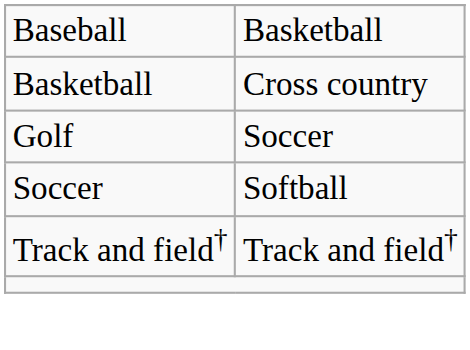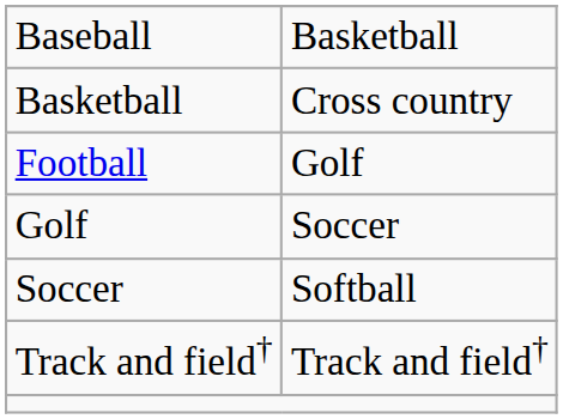 <table class="wikitable">
 <tr>
 </tr>
 <tr>
 <td>Baseball</td>
 <td>Basketball</td>
 </tr>
 <tr>
 <td>Basketball</td>
 <td>Cross country</td>
+</tr>
+<tr>
+<td><a href='#'>Football</a></td>
+<td>Golf</td>
 </tr>
 <tr>
 <td>Golf</td>
 <td>Soccer</td>
 </tr>
 <tr>
 <td>Soccer</td>
 <td>Softball</td>
 </tr>
 <tr>
 <td>Track and field<sup>†</sup></td>
 <td>Track and field<sup>†</sup></td>
 </tr>
 <tr>
 <td colspan="2"></td>
 </tr>
 </table>
